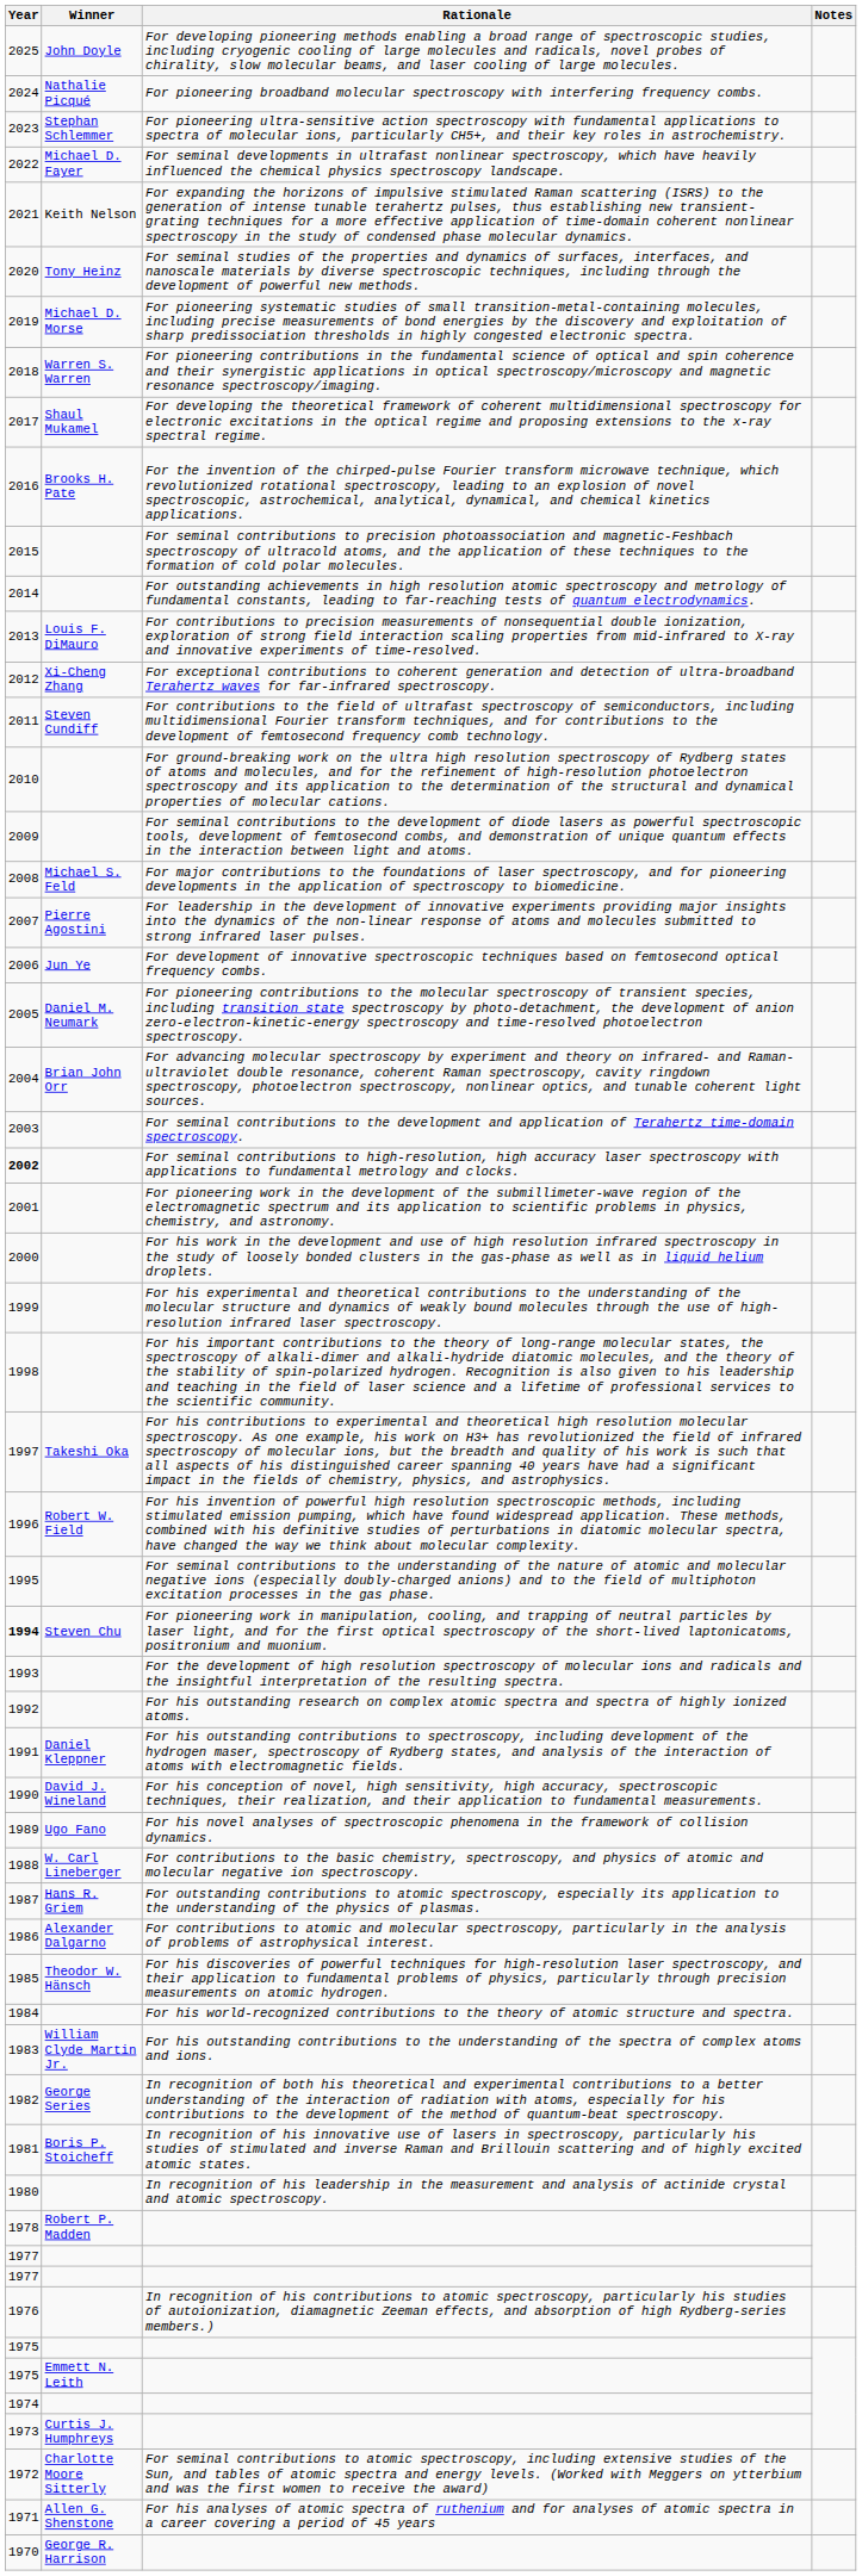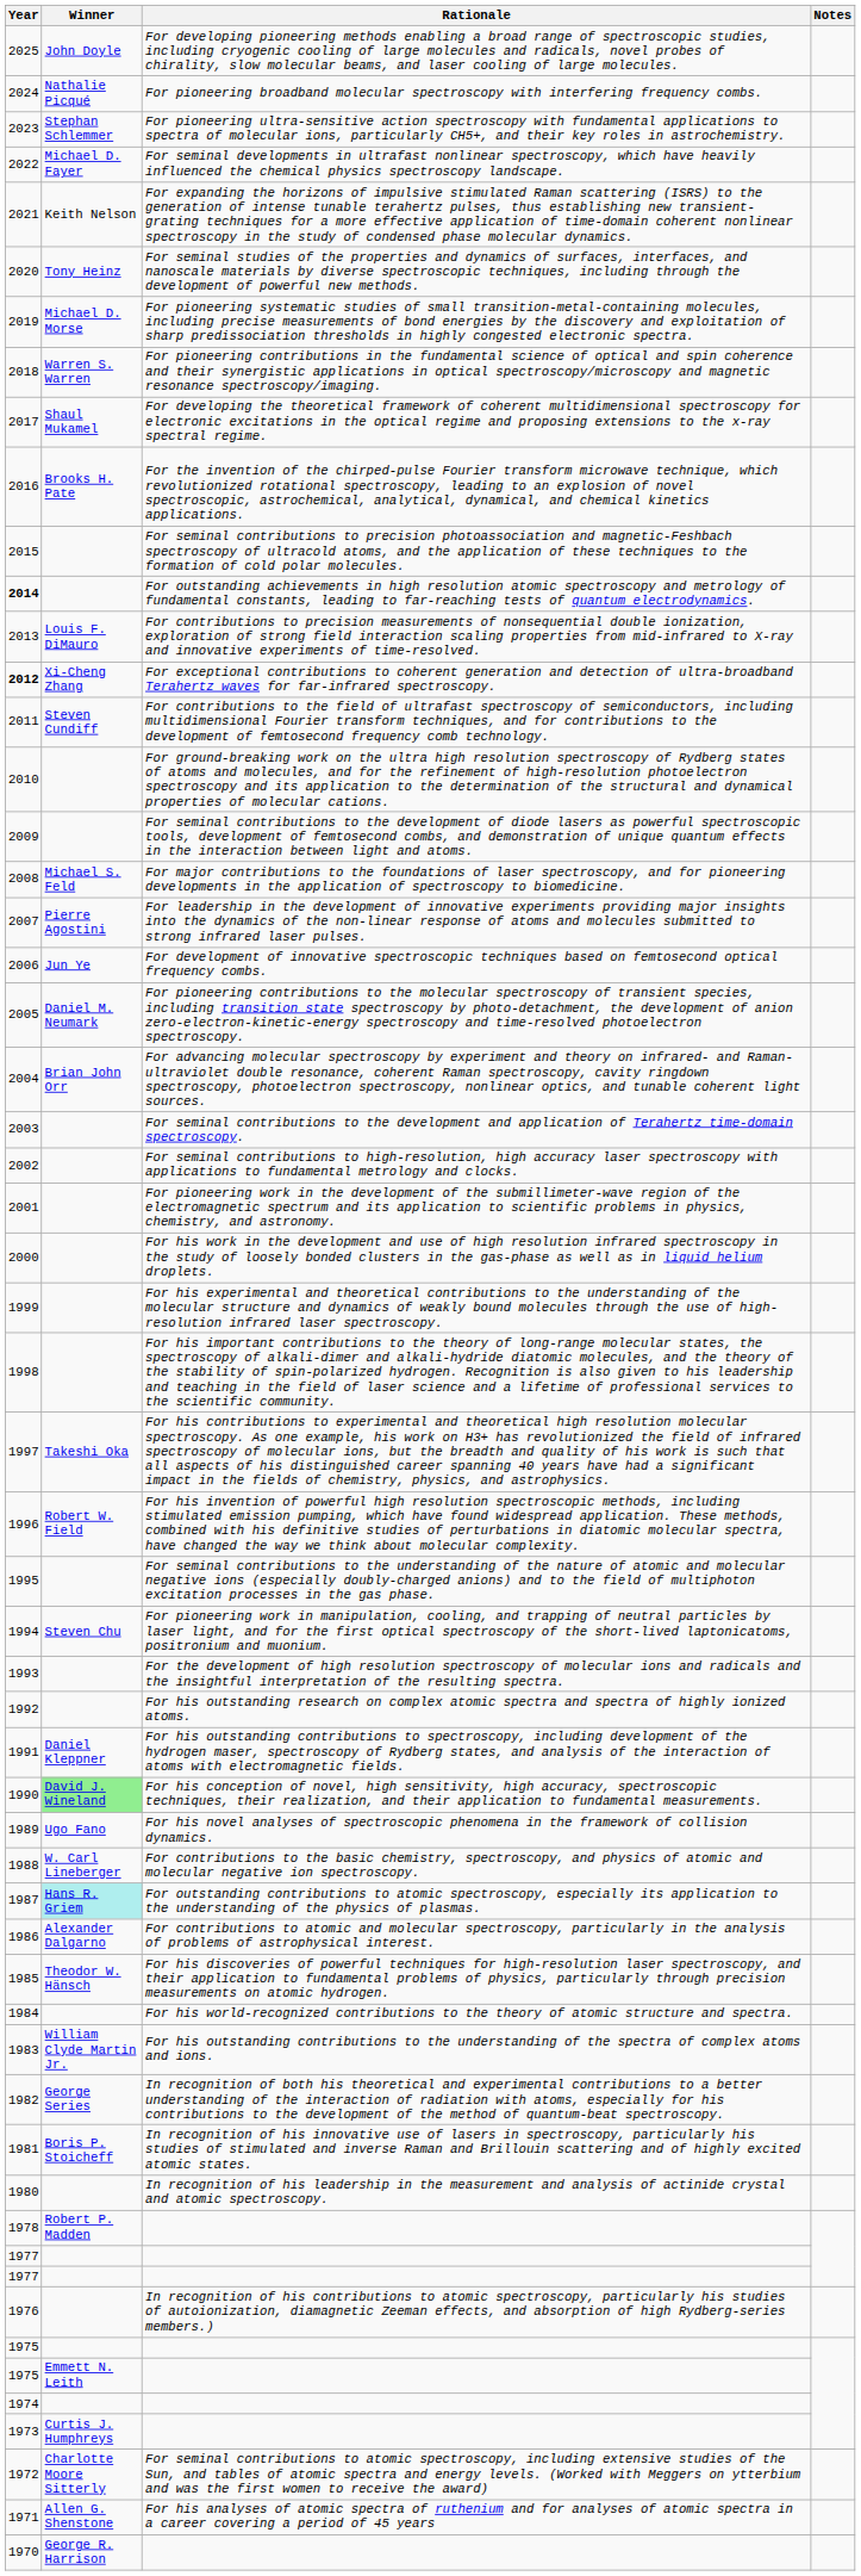 <table class="wikitable sortable">
 <tr>
 <th>Year</th>
 <th>Winner</th>
 <th scope = col class = unsortable>Rationale</th>
 <th>Notes</th>
 </tr>
 <tr>
 <td>2025</td>
 <td><a href='#'>John Doyle</a></td>
 <td><em>For developing pioneering methods enabling a broad range of spectroscopic studies, including cryogenic cooling of large molecules and radicals, novel probes of chirality, slow molecular beams, and laser cooling of large molecules.</em></td>
 <td></td>
 </tr>
 <tr>
 <td>2024</td>
 <td><a href='#'>Nathalie Picqué</a></td>
 <td><em>For pioneering broadband molecular spectroscopy with interfering frequency combs.</em></td>
 <td></td>
 </tr>
 <tr>
 <td>2023</td>
 <td><a href='#'>Stephan Schlemmer</a></td>
 <td><em>For pioneering ultra-sensitive action spectroscopy with fundamental applications to spectra of molecular ions, particularly CH5+, and their key roles in astrochemistry.</em></td>
 <td></td>
 </tr>
 <tr>
 <td>2022</td>
 <td><a href='#'>Michael D. Fayer</a></td>
 <td><em>For seminal developments in ultrafast nonlinear spectroscopy, which have heavily influenced the chemical physics spectroscopy landscape.</em></td>
 <td></td>
 </tr>
 <tr>
 <td>2021</td>
 <td>Keith Nelson</td>
 <td><em>For expanding the horizons of impulsive stimulated Raman scattering (ISRS) to the generation of intense tunable terahertz pulses, thus establishing new transient-grating techniques for a more effective application of time-domain coherent nonlinear spectroscopy in the study of condensed phase molecular dynamics.</em></td>
 <td></td>
 </tr>
 <tr>
 <td>2020</td>
 <td><a href='#'>Tony Heinz</a></td>
 <td><em>For seminal studies of the properties and dynamics of surfaces, interfaces, and nanoscale materials by diverse spectroscopic techniques, including through the development of powerful new methods.</em></td>
 <td></td>
 </tr>
 <tr>
 <td>2019</td>
 <td><a href='#'>Michael D. Morse</a></td>
 <td><em>For pioneering systematic studies of small transition-metal-containing molecules, including precise measurements of bond energies by the discovery and exploitation of sharp predissociation thresholds in highly congested electronic spectra.</em></td>
 <td></td>
 </tr>
 <tr>
 <td>2018</td>
 <td><a href='#'>Warren S. Warren</a></td>
 <td><em>For pioneering contributions in the fundamental science of optical and spin coherence and their synergistic applications in optical spectroscopy/microscopy and magnetic resonance spectroscopy/imaging.</em></td>
 <td></td>
 </tr>
 <tr>
 <td>2017</td>
 <td><a href='#'>Shaul Mukamel</a></td>
 <td><em>For developing the theoretical framework of coherent multidimensional spectroscopy for electronic excitations in the optical regime and proposing extensions to the x-ray spectral regime.</em></td>
 <td></td>
 </tr>
 <tr>
 <td>2016</td>
 <td><a href='#'>Brooks H. Pate</a></td>
 <td><br><em>For the invention of the chirped-pulse Fourier transform microwave technique, which revolutionized rotational spectroscopy, leading to an explosion of novel spectroscopic, astrochemical, analytical, dynamical, and chemical kinetics applications.</em></td>
 <td></td>
 </tr>
 <tr>
 <td>2015</td>
 <td></td>
 <td><em>For seminal contributions to precision photoassociation and magnetic-Feshbach spectroscopy of ultracold atoms, and the application of these techniques to the formation of cold polar molecules.</em></td>
 <td></td>
 </tr>
 <tr>
-<td>2014</td>
+<td><strong>2014</strong></td>
 <td></td>
 <td><em>For outstanding achievements in high resolution atomic spectroscopy and metrology of fundamental constants, leading to far-reaching tests of <a href='#'>quantum electrodynamics</a>.</em></td>
 <td></td>
 </tr>
 <tr>
 <td>2013</td>
 <td><a href='#'>Louis F. DiMauro</a></td>
 <td><em>For contributions to precision measurements of nonsequential double ionization, exploration of strong field interaction scaling properties from mid-infrared to X-ray and innovative experiments of time-resolved.</em></td>
 <td></td>
 </tr>
 <tr>
-<td>2012</td>
+<td><strong>2012</strong></td>
 <td><a href='#'>Xi-Cheng Zhang</a></td>
 <td><em>For exceptional contributions to coherent generation and detection of ultra-broadband <a href='#'>Terahertz waves</a> for far-infrared spectroscopy.</em></td>
 <td></td>
 </tr>
 <tr>
 <td>2011</td>
 <td><a href='#'>Steven Cundiff</a></td>
 <td><em>For contributions to the field of ultrafast spectroscopy of semiconductors, including multidimensional Fourier transform techniques, and for contributions to the development of femtosecond frequency comb technology.</em></td>
 <td></td>
 </tr>
 <tr>
 <td>2010</td>
 <td></td>
 <td><em>For ground-breaking work on the ultra high resolution spectroscopy of Rydberg states of atoms and molecules, and for the refinement of high-resolution photoelectron spectroscopy and its application to the determination of the structural and dynamical properties of molecular cations.</em></td>
 <td></td>
 </tr>
 <tr>
 <td>2009</td>
 <td></td>
 <td><em>For seminal contributions to the development of diode lasers as powerful spectroscopic tools, development of femtosecond combs, and demonstration of unique quantum effects in the interaction between light and atoms.</em></td>
 <td></td>
 </tr>
 <tr>
 <td>2008</td>
 <td><a href='#'>Michael S. Feld</a></td>
 <td><em>For major contributions to the foundations of laser spectroscopy, and for pioneering developments in the application of spectroscopy to biomedicine.</em></td>
 <td></td>
 </tr>
 <tr>
 <td>2007</td>
 <td><a href='#'>Pierre Agostini</a></td>
 <td><em>For leadership in the development of innovative experiments providing major insights into the dynamics of the non-linear response of atoms and molecules submitted to strong infrared laser pulses.</em></td>
 <td></td>
 </tr>
 <tr>
 <td>2006</td>
 <td><a href='#'>Jun Ye</a></td>
 <td><em>For development of innovative spectroscopic techniques based on femtosecond optical frequency combs.</em></td>
 <td></td>
 </tr>
 <tr>
 <td>2005</td>
 <td><a href='#'>Daniel M. Neumark</a></td>
 <td><em>For pioneering contributions to the molecular spectroscopy of transient species, including <a href='#'>transition state</a> spectroscopy by photo-detachment, the development of anion zero-electron-kinetic-energy spectroscopy and time-resolved photoelectron spectroscopy.</em></td>
 <td></td>
 </tr>
 <tr>
 <td>2004</td>
 <td><a href='#'>Brian John Orr</a></td>
 <td><em>For advancing molecular spectroscopy by experiment and theory on infrared- and Raman-ultraviolet double resonance, coherent Raman spectroscopy, cavity ringdown spectroscopy, photoelectron spectroscopy, nonlinear optics, and tunable coherent light sources.</em></td>
 <td></td>
 </tr>
 <tr>
 <td>2003</td>
 <td></td>
 <td><em>For seminal contributions to the development and application of <a href='#'>Terahertz time-domain spectroscopy</a>.</em></td>
 <td></td>
 </tr>
 <tr>
-<td><strong>2002</strong></td>
+<td>2002</td>
 <td></td>
 <td><em>For seminal contributions to high-resolution, high accuracy laser spectroscopy with applications to fundamental metrology and clocks.</em></td>
 <td></td>
 </tr>
 <tr>
 <td>2001</td>
 <td></td>
 <td><em>For pioneering work in the development of the submillimeter-wave region of the electromagnetic spectrum and its application to scientific problems in physics, chemistry, and astronomy.</em></td>
 <td></td>
 </tr>
 <tr>
 <td>2000</td>
 <td></td>
 <td><em>For his work in the development and use of high resolution infrared spectroscopy in the study of loosely bonded clusters in the gas-phase as well as in <a href='#'>liquid helium</a> droplets.</em></td>
 <td></td>
 </tr>
 <tr>
 <td>1999</td>
 <td></td>
 <td><em>For his experimental and theoretical contributions to the understanding of the molecular structure and dynamics of weakly bound molecules through the use of high-resolution infrared laser spectroscopy.</em></td>
 <td></td>
 </tr>
 <tr>
 <td>1998</td>
 <td></td>
 <td><em>For his important contributions to the theory of long-range molecular states, the spectroscopy of alkali-dimer and alkali-hydride diatomic molecules, and the theory of the stability of spin-polarized hydrogen. Recognition is also given to his leadership and teaching in the field of laser science and a lifetime of professional services to the scientific community.</em></td>
 <td></td>
 </tr>
 <tr>
 <td>1997</td>
 <td><a href='#'>Takeshi Oka</a></td>
 <td><em>For his contributions to experimental and theoretical high resolution molecular spectroscopy. As one example, his work on H3+ has revolutionized the field of infrared spectroscopy of molecular ions, but the breadth and quality of his work is such that all aspects of his distinguished career spanning 40 years have had a significant impact in the fields of chemistry, physics, and astrophysics.</em></td>
 <td></td>
 </tr>
 <tr>
 <td>1996</td>
 <td><a href='#'>Robert W. Field</a></td>
 <td><em>For his invention of powerful high resolution spectroscopic methods, including stimulated emission pumping, which have found widespread application. These methods, combined with his definitive studies of perturbations in diatomic molecular spectra, have changed the way we think about molecular complexity.</em></td>
 <td></td>
 </tr>
 <tr>
 <td>1995</td>
 <td></td>
 <td><em>For seminal contributions to the understanding of the nature of atomic and molecular negative ions (especially doubly-charged anions) and to the field of multiphoton excitation processes in the gas phase.</em></td>
 <td></td>
 </tr>
 <tr>
-<td><strong>1994</strong></td>
+<td>1994</td>
 <td><a href='#'>Steven Chu</a></td>
 <td><em>For pioneering work in manipulation, cooling, and trapping of neutral particles by laser light, and for the first optical spectroscopy of the short-lived laptonicatoms, positronium and muonium.</em></td>
 <td></td>
 </tr>
 <tr>
 <td>1993</td>
 <td></td>
 <td><em>For the development of high resolution spectroscopy of molecular ions and radicals and the insightful interpretation of the resulting spectra.</em></td>
 <td></td>
 </tr>
 <tr>
 <td>1992</td>
 <td></td>
 <td><em>For his outstanding research on complex atomic spectra and spectra of highly ionized atoms.</em></td>
 <td></td>
 </tr>
 <tr>
 <td>1991</td>
 <td><a href='#'>Daniel Kleppner</a> </td>
 <td><em>For his outstanding contributions to spectroscopy, including development of the hydrogen maser, spectroscopy of Rydberg states, and analysis of the interaction of atoms with electromagnetic fields.</em></td>
 <td></td>
 </tr>
 <tr>
 <td>1990</td>
-<td><a href='#'>David J. Wineland</a> </td>
+<td style="background: lightgreen;"><a href='#'>David J. Wineland</a> </td>
 <td><em>For his conception of novel, high sensitivity, high accuracy, spectroscopic techniques, their realization, and their application to fundamental measurements.</em></td>
 <td></td>
 </tr>
 <tr>
 <td>1989</td>
 <td><a href='#'>Ugo Fano</a></td>
 <td><em>For his novel analyses of spectroscopic phenomena in the framework of collision dynamics.</em></td>
 <td></td>
 </tr>
 <tr>
 <td>1988</td>
 <td><a href='#'>W. Carl Lineberger</a></td>
 <td><em>For contributions to the basic chemistry, spectroscopy, and physics of atomic and molecular negative ion spectroscopy.</em></td>
 <td></td>
 </tr>
 <tr>
 <td>1987</td>
-<td><a href='#'>Hans R. Griem</a></td>
+<td style="background: paleturquoise;"><a href='#'>Hans R. Griem</a></td>
 <td><em>For outstanding contributions to atomic spectroscopy, especially its application to the understanding of the physics of plasmas.</em></td>
 <td></td>
 </tr>
 <tr>
 <td>1986</td>
 <td><a href='#'>Alexander Dalgarno</a></td>
 <td><em>For contributions to atomic and molecular spectroscopy, particularly in the analysis of problems of astrophysical interest.</em></td>
 <td></td>
 </tr>
 <tr>
 <td>1985</td>
 <td><a href='#'>Theodor W. Hänsch</a> </td>
 <td><em>For his discoveries of powerful techniques for high-resolution laser spectroscopy, and their application to fundamental problems of physics, particularly through precision measurements on atomic hydrogen.</em></td>
 <td></td>
 </tr>
 <tr>
 <td>1984</td>
 <td></td>
 <td><em>For his world-recognized contributions to the theory of atomic structure and spectra.</em></td>
 <td></td>
 </tr>
 <tr>
 <td>1983</td>
 <td><a href='#'>William Clyde Martin Jr.</a></td>
 <td><em>For his outstanding contributions to the understanding of the spectra of complex atoms and ions.</em></td>
 <td></td>
 </tr>
 <tr>
 <td>1982</td>
 <td><a href='#'>George Series</a></td>
 <td><em>In recognition of both his theoretical and experimental contributions to a better understanding of the interaction of radiation with atoms, especially for his contributions to the development of the method of quantum-beat spectroscopy.</em></td>
 <td></td>
 </tr>
 <tr>
 <td>1981</td>
 <td><a href='#'>Boris P. Stoicheff</a></td>
 <td><em>In recognition of his innovative use of lasers in spectroscopy, particularly his studies of stimulated and inverse Raman and Brillouin scattering and of highly excited atomic states.</em></td>
 <td></td>
 </tr>
 <tr>
 <td>1980</td>
 <td></td>
 <td><em>In recognition of his leadership in the measurement and analysis of actinide crystal and atomic spectroscopy.</em></td>
 <td></td>
 </tr>
 <tr>
 <td>1978</td>
 <td><a href='#'>Robert P. Madden</a></td>
 <td></td>
 </tr>
 <tr>
 <td>1977</td>
 <td></td>
 <td></td>
 </tr>
 <tr>
 <td>1977</td>
 <td></td>
 <td></td>
 </tr>
 <tr>
 <td>1976</td>
 <td></td>
 <td><em>In recognition of his contributions to atomic spectroscopy, particularly his studies of autoionization, diamagnetic Zeeman effects, and absorption of high Rydberg-series members.)</em></td>
 <td></td>
 </tr>
 <tr>
 <td>1975</td>
 <td></td>
 <td></td>
 </tr>
 <tr>
 <td>1975</td>
 <td><a href='#'>Emmett N. Leith</a></td>
 <td></td>
 </tr>
 <tr>
 <td>1974</td>
 <td></td>
 <td></td>
 </tr>
 <tr>
 <td>1973</td>
 <td><a href='#'>Curtis J. Humphreys</a></td>
 <td></td>
 </tr>
 <tr>
 <td>1972</td>
 <td><a href='#'>Charlotte Moore Sitterly</a></td>
 <td><em>For seminal contributions to atomic spectroscopy, including extensive studies of the Sun, and tables of atomic spectra and energy levels. (Worked with Meggers on ytterbium and was the first women to receive the award)</em></td>
 <td></td>
 </tr>
 <tr>
 <td>1971</td>
 <td><a href='#'>Allen G. Shenstone</a></td>
 <td><em>For his analyses of atomic spectra of <a href='#'>ruthenium</a> and for analyses of atomic spectra in a career covering a period of 45 years</em></td>
 <td></td>
 </tr>
 <tr>
 <td>1970</td>
 <td><a href='#'>George R. Harrison</a></td>
 <td></td>
 </tr>
 </table>
